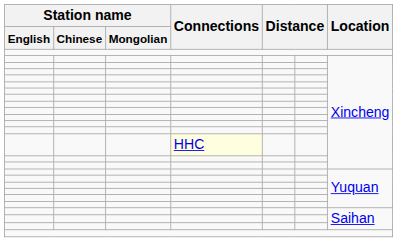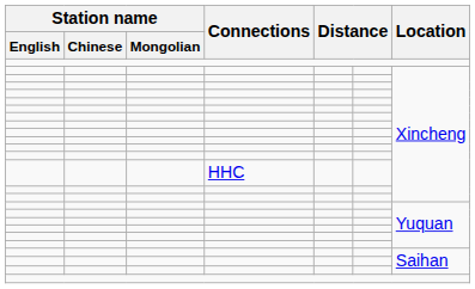 <table class="wikitable">
 <tr>
 <th colspan=3>Station name</th>
 <th rowspan=2>Connections</th>
 <th colspan="2" rowspan="2">Distance<br></th>
 <th rowspan=2>Location</th>
 </tr>
 <tr>
 <th><small>English</small></th>
 <th><small>Chinese</small></th>
 <th><small>Mongolian</small></th>
 </tr>
 <tr style="background:#">
 <td colspan = "7"></td>
 </tr>
 <tr>
 <td></td>
 <td></td>
 <td></td>
 <td></td>
 <td></td>
 <td></td>
 <td rowspan="15"><a href='#'>Xincheng</a></td>
 </tr>
 <tr>
 <td></td>
 <td></td>
 <td></td>
 <td></td>
 <td></td>
 <td></td>
 </tr>
 <tr>
 <td></td>
 <td></td>
 <td></td>
 <td></td>
 <td></td>
 <td></td>
 </tr>
 <tr>
 <td></td>
 <td></td>
 <td></td>
 <td></td>
 <td></td>
 <td></td>
 </tr>
 <tr>
 <td></td>
 <td></td>
 <td></td>
 <td></td>
 <td></td>
 <td></td>
 </tr>
 <tr>
 <td></td>
 <td></td>
 <td></td>
 <td></td>
 <td></td>
 <td></td>
 </tr>
 <tr>
 <td></td>
 <td></td>
 <td></td>
 <td></td>
 <td></td>
 <td></td>
 </tr>
 <tr>
 <td></td>
 <td></td>
 <td></td>
 <td></td>
 <td></td>
 <td></td>
 </tr>
 <tr>
 <td></td>
 <td></td>
 <td></td>
 <td></td>
 <td></td>
 <td></td>
 </tr>
 <tr>
 <td></td>
 <td></td>
 <td></td>
 <td></td>
 <td></td>
 <td></td>
 </tr>
 <tr>
 <td></td>
 <td></td>
 <td></td>
 <td></td>
 <td></td>
 <td></td>
 </tr>
 <tr>
 <td></td>
 <td></td>
 <td></td>
 <td></td>
 <td></td>
 <td></td>
 </tr>
 <tr>
 <td></td>
 <td></td>
 <td></td>
-<td style="background: lightyellow;"> <a href='#'>HHC</a></td>
+<td> <a href='#'>HHC</a></td>
 <td></td>
 <td></td>
 </tr>
 <tr>
 <td></td>
 <td></td>
 <td></td>
 <td></td>
 <td></td>
 <td></td>
 </tr>
 <tr>
 <td></td>
 <td></td>
 <td></td>
 <td></td>
 <td></td>
 <td></td>
 </tr>
 <tr>
 <td></td>
 <td></td>
 <td></td>
 <td></td>
 <td></td>
 <td></td>
 <td rowspan="6"><a href='#'>Yuquan</a></td>
 </tr>
 <tr>
 <td></td>
 <td></td>
 <td></td>
 <td></td>
 <td></td>
 <td></td>
 </tr>
 <tr>
 <td></td>
 <td></td>
 <td></td>
 <td></td>
 <td></td>
 <td></td>
 </tr>
 <tr>
 <td></td>
 <td></td>
 <td></td>
 <td></td>
 <td></td>
 <td></td>
 </tr>
 <tr>
 <td></td>
 <td></td>
 <td></td>
 <td></td>
 <td></td>
 <td></td>
 </tr>
 <tr>
 <td></td>
 <td></td>
 <td></td>
 <td></td>
 <td></td>
 <td></td>
 </tr>
 <tr>
 <td></td>
 <td></td>
 <td></td>
 <td></td>
 <td></td>
 <td></td>
 <td rowspan="3"><a href='#'>Saihan</a></td>
 </tr>
 <tr>
 <td></td>
 <td></td>
 <td></td>
 <td></td>
 <td></td>
 <td></td>
 </tr>
 <tr>
 <td></td>
 <td></td>
 <td></td>
 <td></td>
 <td></td>
 <td></td>
 </tr>
 <tr style="background:#">
 <td colspan = "7"></td>
 </tr>
 </table>
